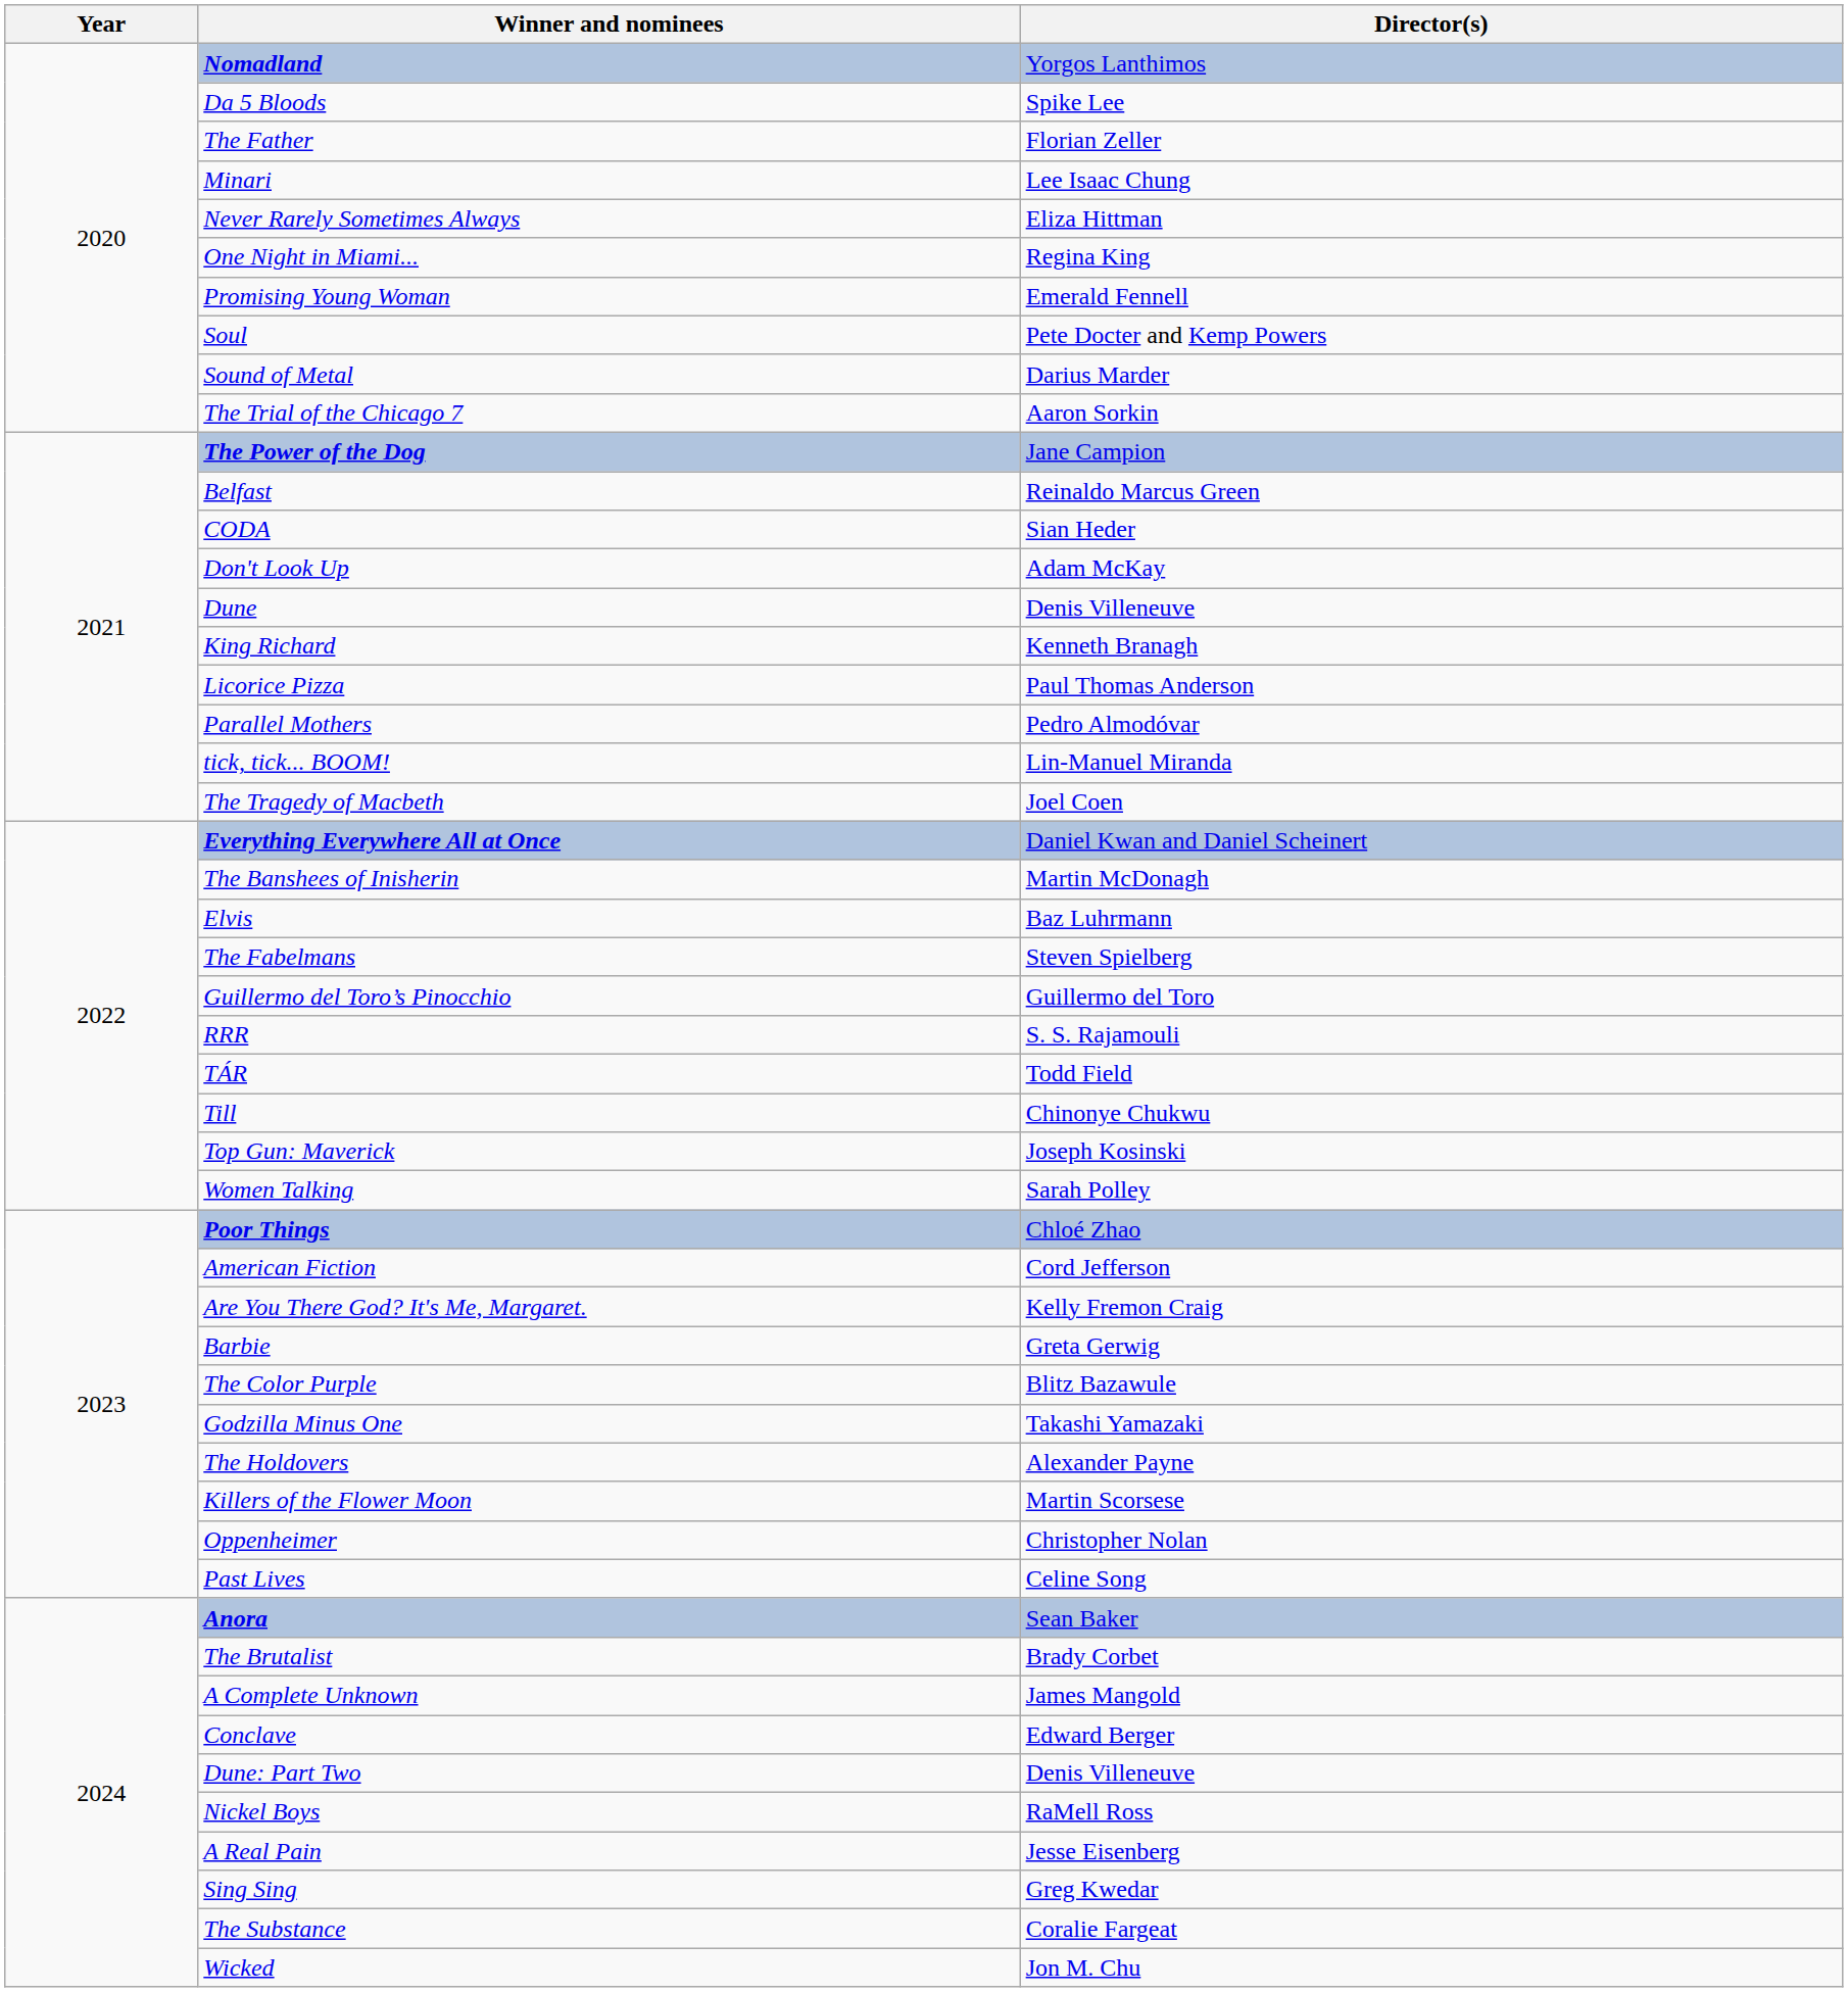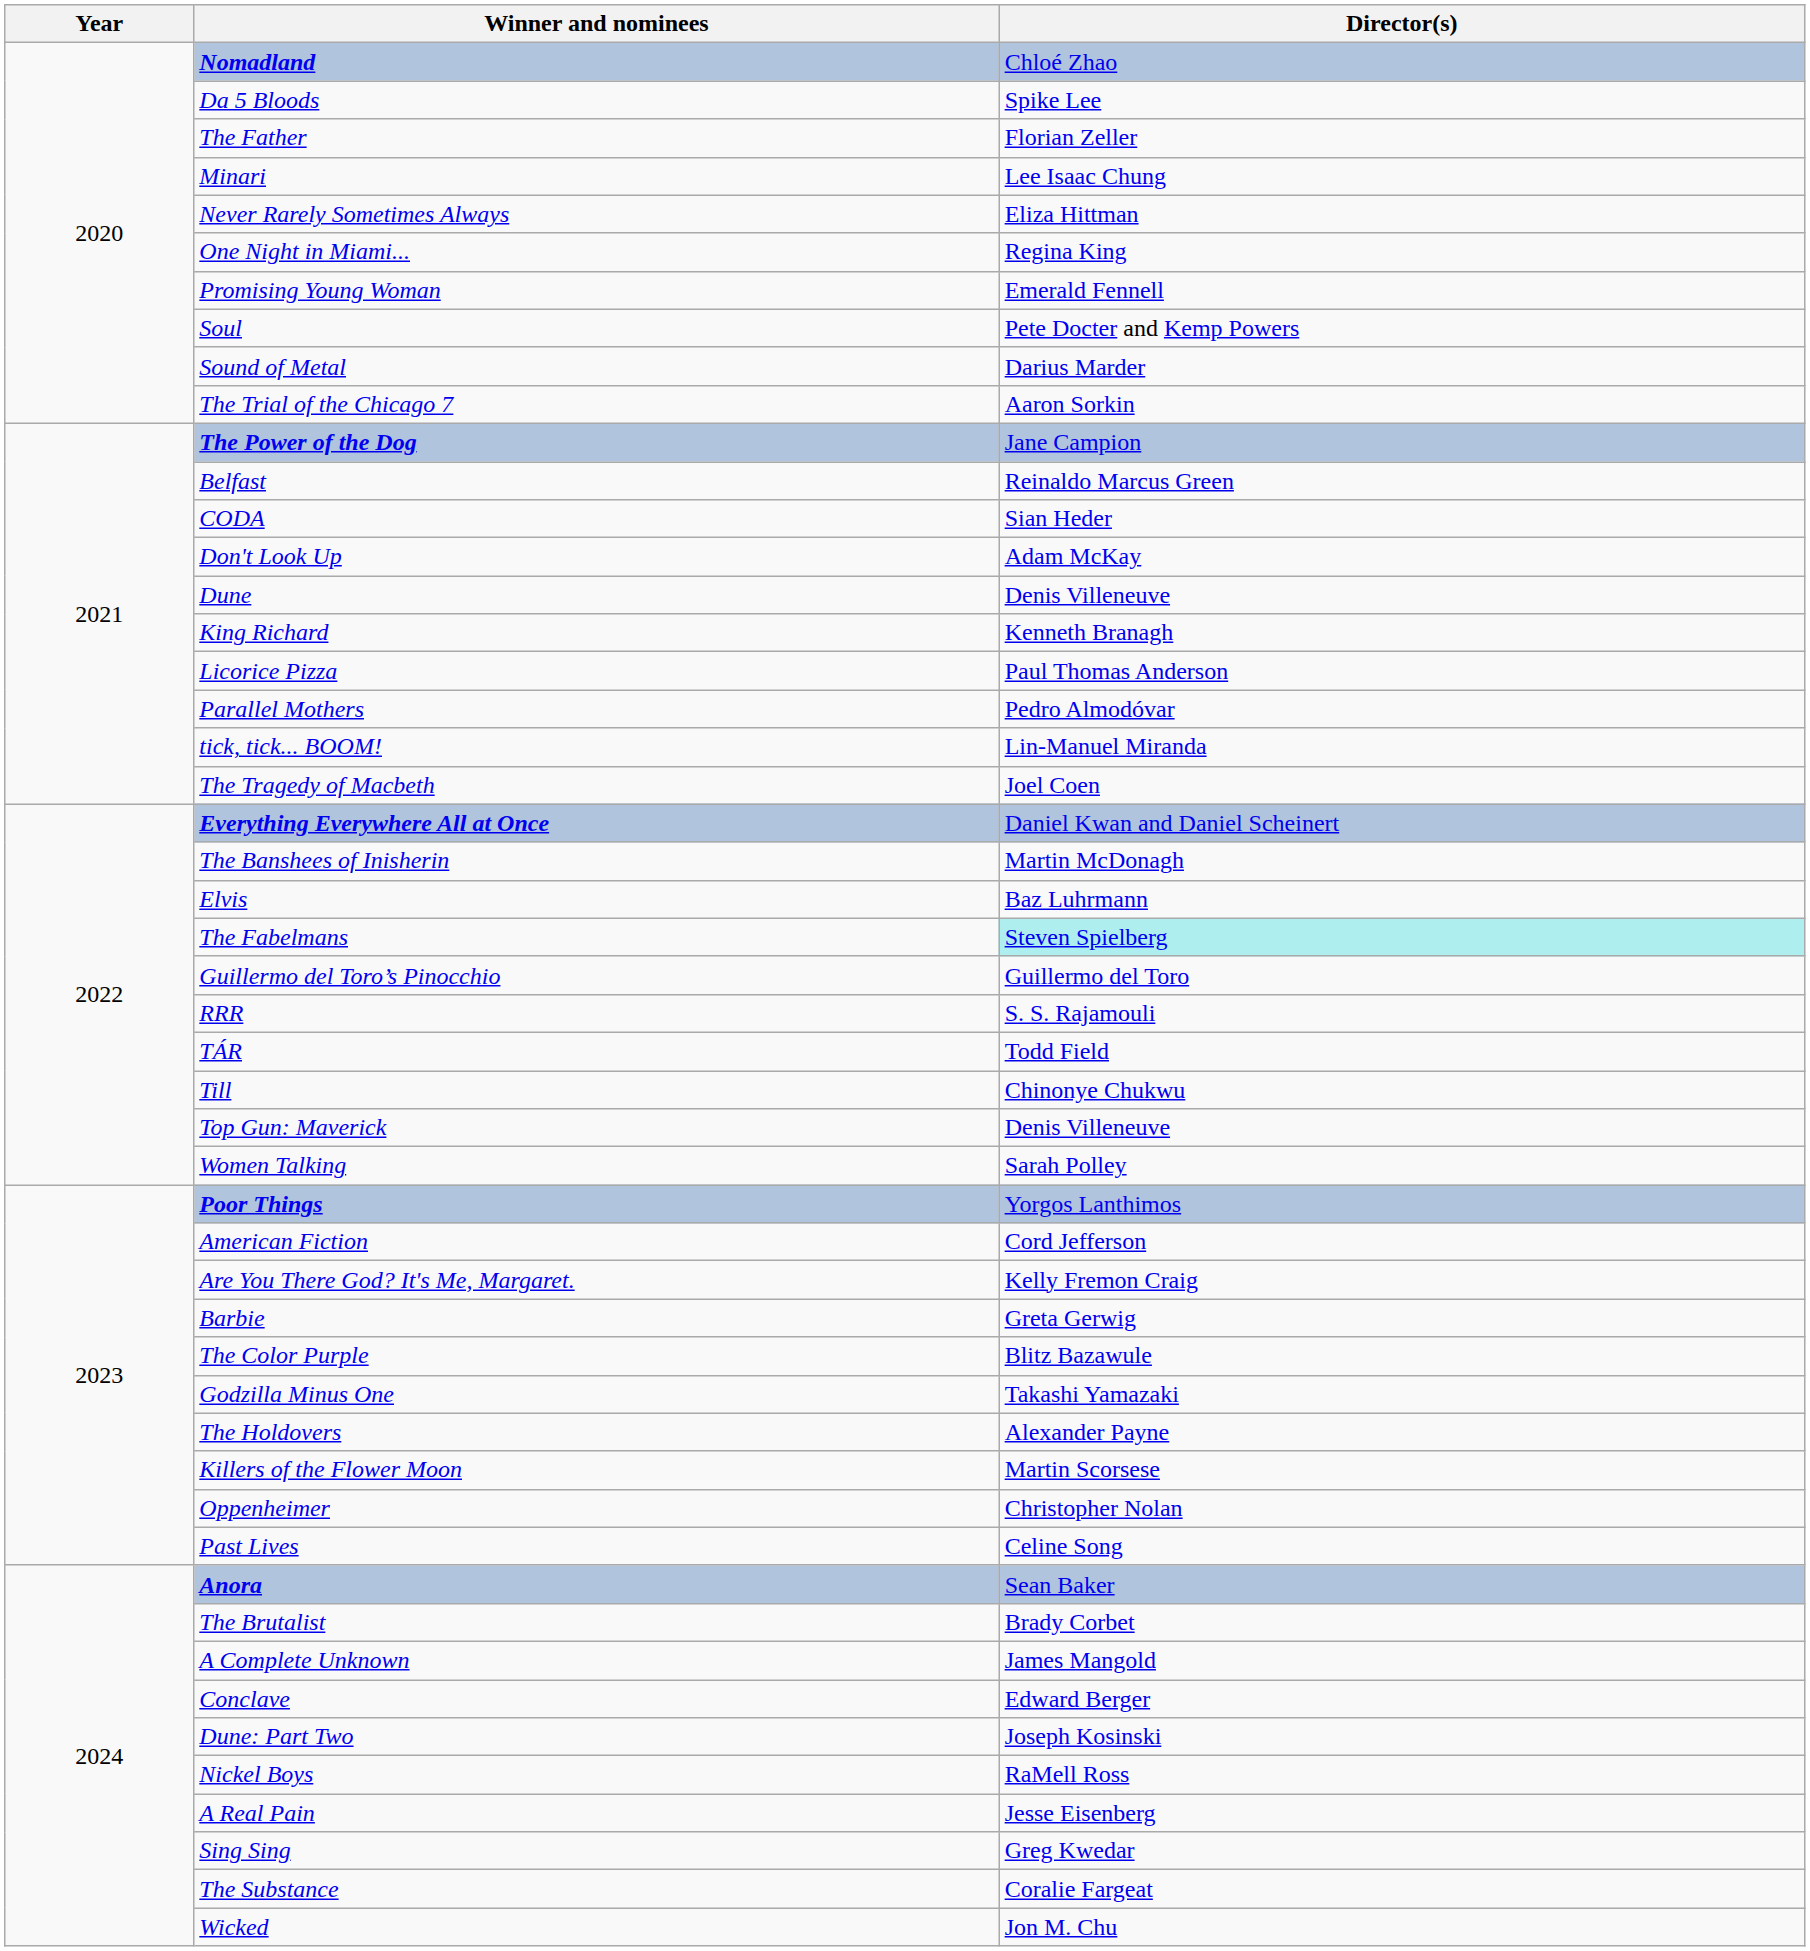 <table class="wikitable" width="95%" cellpadding="5">
 <tr>
 <th width="100"><strong>Year</strong></th>
 <th width="450"><strong>Winner and nominees</strong></th>
 <th width="450"><strong>Director(s)</strong></th>
 </tr>
 <tr>
 <td rowspan="10" style="text-align:center;">2020</td>
 <td style="background:#B0C4DE;"><strong><em><a href='#'>Nomadland</a></em></strong></td>
-<td style="background:#B0C4DE;"><a href='#'>Yorgos Lanthimos</a></td>
+<td style="background:#B0C4DE;"><a href='#'>Chloé Zhao</a></td>
 </tr>
 <tr>
 <td><em><a href='#'>Da 5 Bloods</a></em></td>
 <td><a href='#'>Spike Lee</a></td>
 </tr>
 <tr>
 <td><em><a href='#'>The Father</a></em></td>
 <td><a href='#'>Florian Zeller</a></td>
 </tr>
 <tr>
 <td><em><a href='#'>Minari</a></em></td>
 <td><a href='#'>Lee Isaac Chung</a></td>
 </tr>
 <tr>
 <td><em><a href='#'>Never Rarely Sometimes Always</a></em></td>
 <td><a href='#'>Eliza Hittman</a></td>
 </tr>
 <tr>
 <td><em><a href='#'>One Night in Miami...</a></em></td>
 <td><a href='#'>Regina King</a></td>
 </tr>
 <tr>
 <td><em><a href='#'>Promising Young Woman</a></em></td>
 <td><a href='#'>Emerald Fennell</a></td>
 </tr>
 <tr>
 <td><em><a href='#'>Soul</a></em></td>
 <td><a href='#'>Pete Docter</a> and <a href='#'>Kemp Powers</a></td>
 </tr>
 <tr>
 <td><em><a href='#'>Sound of Metal</a></em></td>
 <td><a href='#'>Darius Marder</a></td>
 </tr>
 <tr>
 <td><em><a href='#'>The Trial of the Chicago 7</a></em></td>
 <td><a href='#'>Aaron Sorkin</a></td>
 </tr>
 <tr>
 <td rowspan="10" style="text-align:center;">2021</td>
 <td style="background:#B0C4DE;"><strong><em><a href='#'>The Power of the Dog</a></em></strong></td>
 <td style="background:#B0C4DE;"><a href='#'>Jane Campion</a></td>
 </tr>
 <tr>
 <td><em><a href='#'>Belfast</a></em></td>
 <td><a href='#'>Reinaldo Marcus Green</a></td>
 </tr>
 <tr>
 <td><em><a href='#'>CODA</a></em></td>
 <td><a href='#'>Sian Heder</a></td>
 </tr>
 <tr>
 <td><em><a href='#'>Don't Look Up</a></em></td>
 <td><a href='#'>Adam McKay</a></td>
 </tr>
 <tr>
 <td><em><a href='#'>Dune</a></em></td>
 <td><a href='#'>Denis Villeneuve</a></td>
 </tr>
 <tr>
 <td><em><a href='#'>King Richard</a></em></td>
 <td><a href='#'>Kenneth Branagh</a></td>
 </tr>
 <tr>
 <td><em><a href='#'>Licorice Pizza</a></em></td>
 <td><a href='#'>Paul Thomas Anderson</a></td>
 </tr>
 <tr>
 <td><em><a href='#'>Parallel Mothers</a></em></td>
 <td><a href='#'>Pedro Almodóvar</a></td>
 </tr>
 <tr>
 <td><em><a href='#'>tick, tick... BOOM!</a></em></td>
 <td><a href='#'>Lin-Manuel Miranda</a></td>
 </tr>
 <tr>
 <td><em><a href='#'>The Tragedy of Macbeth</a></em></td>
 <td><a href='#'>Joel Coen</a></td>
 </tr>
 <tr>
 <td rowspan="10" style="text-align:center;">2022</td>
 <td style="background:#B0C4DE;"><strong><em><a href='#'>Everything Everywhere All at Once</a></em></strong></td>
 <td style="background:#B0C4DE;"><a href='#'>Daniel Kwan and Daniel Scheinert</a></td>
 </tr>
 <tr>
 <td><em><a href='#'>The Banshees of Inisherin</a></em></td>
 <td><a href='#'>Martin McDonagh</a></td>
 </tr>
 <tr>
 <td><em><a href='#'>Elvis</a></em></td>
 <td><a href='#'>Baz Luhrmann</a></td>
 </tr>
 <tr>
 <td><em><a href='#'>The Fabelmans</a></em></td>
-<td><a href='#'>Steven Spielberg</a></td>
+<td style="background: paleturquoise;"><a href='#'>Steven Spielberg</a></td>
 </tr>
 <tr>
 <td><em><a href='#'>Guillermo del Toro’s Pinocchio</a></em></td>
 <td><a href='#'>Guillermo del Toro</a></td>
 </tr>
 <tr>
 <td><em><a href='#'>RRR</a></em></td>
 <td><a href='#'>S. S. Rajamouli</a></td>
 </tr>
 <tr>
 <td><em><a href='#'>TÁR</a></em></td>
 <td><a href='#'>Todd Field</a></td>
 </tr>
 <tr>
 <td><em><a href='#'>Till</a></em></td>
 <td><a href='#'>Chinonye Chukwu</a></td>
 </tr>
 <tr>
 <td><em><a href='#'>Top Gun: Maverick</a></em></td>
-<td><a href='#'>Joseph Kosinski</a></td>
+<td><a href='#'>Denis Villeneuve</a></td>
 </tr>
 <tr>
 <td><em><a href='#'>Women Talking</a></em></td>
 <td><a href='#'>Sarah Polley</a></td>
 </tr>
 <tr>
 <td rowspan="10" style="text-align:center;">2023</td>
 <td style="background:#B0C4DE;"><strong><em><a href='#'>Poor Things</a></em></strong></td>
-<td style="background:#B0C4DE;"><a href='#'>Chloé Zhao</a></td>
+<td style="background:#B0C4DE;"><a href='#'>Yorgos Lanthimos</a></td>
 </tr>
 <tr>
 <td><em><a href='#'>American Fiction</a></em></td>
 <td><a href='#'>Cord Jefferson</a></td>
 </tr>
 <tr>
 <td><em><a href='#'>Are You There God? It's Me, Margaret.</a></em></td>
 <td><a href='#'>Kelly Fremon Craig</a></td>
 </tr>
 <tr>
 <td><em><a href='#'>Barbie</a></em></td>
 <td><a href='#'>Greta Gerwig</a></td>
 </tr>
 <tr>
 <td><em><a href='#'>The Color Purple</a></em></td>
 <td><a href='#'>Blitz Bazawule</a></td>
 </tr>
 <tr>
 <td><em><a href='#'>Godzilla Minus One</a></em></td>
 <td><a href='#'>Takashi Yamazaki</a></td>
 </tr>
 <tr>
 <td><em><a href='#'>The Holdovers</a></em></td>
 <td><a href='#'>Alexander Payne</a></td>
 </tr>
 <tr>
 <td><em><a href='#'>Killers of the Flower Moon</a></em></td>
 <td><a href='#'>Martin Scorsese</a></td>
 </tr>
 <tr>
 <td><em><a href='#'>Oppenheimer</a></em></td>
 <td><a href='#'>Christopher Nolan</a></td>
 </tr>
 <tr>
 <td><em><a href='#'>Past Lives</a></em></td>
 <td><a href='#'>Celine Song</a></td>
 </tr>
 <tr>
 <td rowspan="10" style="text-align:center;">2024</td>
 <td style="background:#B0C4DE;"><strong><em><a href='#'>Anora</a></em></strong></td>
 <td style="background:#B0C4DE;"><a href='#'>Sean Baker</a></td>
 </tr>
 <tr>
 <td><em><a href='#'>The Brutalist</a></em></td>
 <td><a href='#'>Brady Corbet</a></td>
 </tr>
 <tr>
 <td><em><a href='#'>A Complete Unknown</a></em></td>
 <td><a href='#'>James Mangold</a></td>
 </tr>
 <tr>
 <td><em><a href='#'>Conclave</a></em></td>
 <td><a href='#'>Edward Berger</a></td>
 </tr>
 <tr>
 <td><em><a href='#'>Dune: Part Two</a></em></td>
-<td><a href='#'>Denis Villeneuve</a></td>
+<td><a href='#'>Joseph Kosinski</a></td>
 </tr>
 <tr>
 <td><em><a href='#'>Nickel Boys</a></em></td>
 <td><a href='#'>RaMell Ross</a></td>
 </tr>
 <tr>
 <td><em><a href='#'>A Real Pain</a></em></td>
 <td><a href='#'>Jesse Eisenberg</a></td>
 </tr>
 <tr>
 <td><em><a href='#'>Sing Sing</a></em></td>
 <td><a href='#'>Greg Kwedar</a></td>
 </tr>
 <tr>
 <td><em><a href='#'>The Substance</a></em></td>
 <td><a href='#'>Coralie Fargeat</a></td>
 </tr>
 <tr>
 <td><em><a href='#'>Wicked</a></em></td>
 <td><a href='#'>Jon M. Chu</a></td>
 </tr>
 </table>
